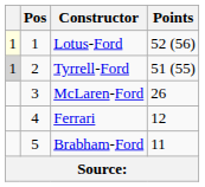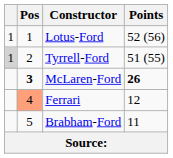 <table class="wikitable" style="font-size: 95%;">
 <tr>
 <th></th>
 <th>Pos</th>
 <th>Constructor</th>
 <th>Points</th>
 </tr>
 <tr>
-<td align="left" style="background: lightyellow;"> 1</td>
+<td align="left"> 1</td>
 <td align="center">1</td>
 <td> <a href='#'>Lotus</a>-<a href='#'>Ford</a></td>
 <td align="left">52 (56)</td>
 </tr>
 <tr>
 <td align="left" style="background: lightgrey;"> 1</td>
 <td align="center">2</td>
 <td> <a href='#'>Tyrrell</a>-<a href='#'>Ford</a></td>
 <td align="left">51 (55)</td>
 </tr>
 <tr>
 <td align="left"></td>
-<td align="center">3</td>
+<td align="center"><strong>3</strong></td>
 <td> <a href='#'>McLaren</a>-<a href='#'>Ford</a></td>
-<td align="left">26</td>
+<td align="left"><strong>26</strong></td>
 </tr>
 <tr>
 <td align="left"></td>
-<td align="center">4</td>
+<td align="center" style="background: lightsalmon;">4</td>
 <td> <a href='#'>Ferrari</a></td>
 <td align="left">12</td>
 </tr>
 <tr>
 <td align="left"></td>
 <td align="center">5</td>
 <td> <a href='#'>Brabham</a>-<a href='#'>Ford</a></td>
 <td align="left">11</td>
 </tr>
 <tr>
 <th colspan=4>Source: </th>
 </tr>
 </table>
